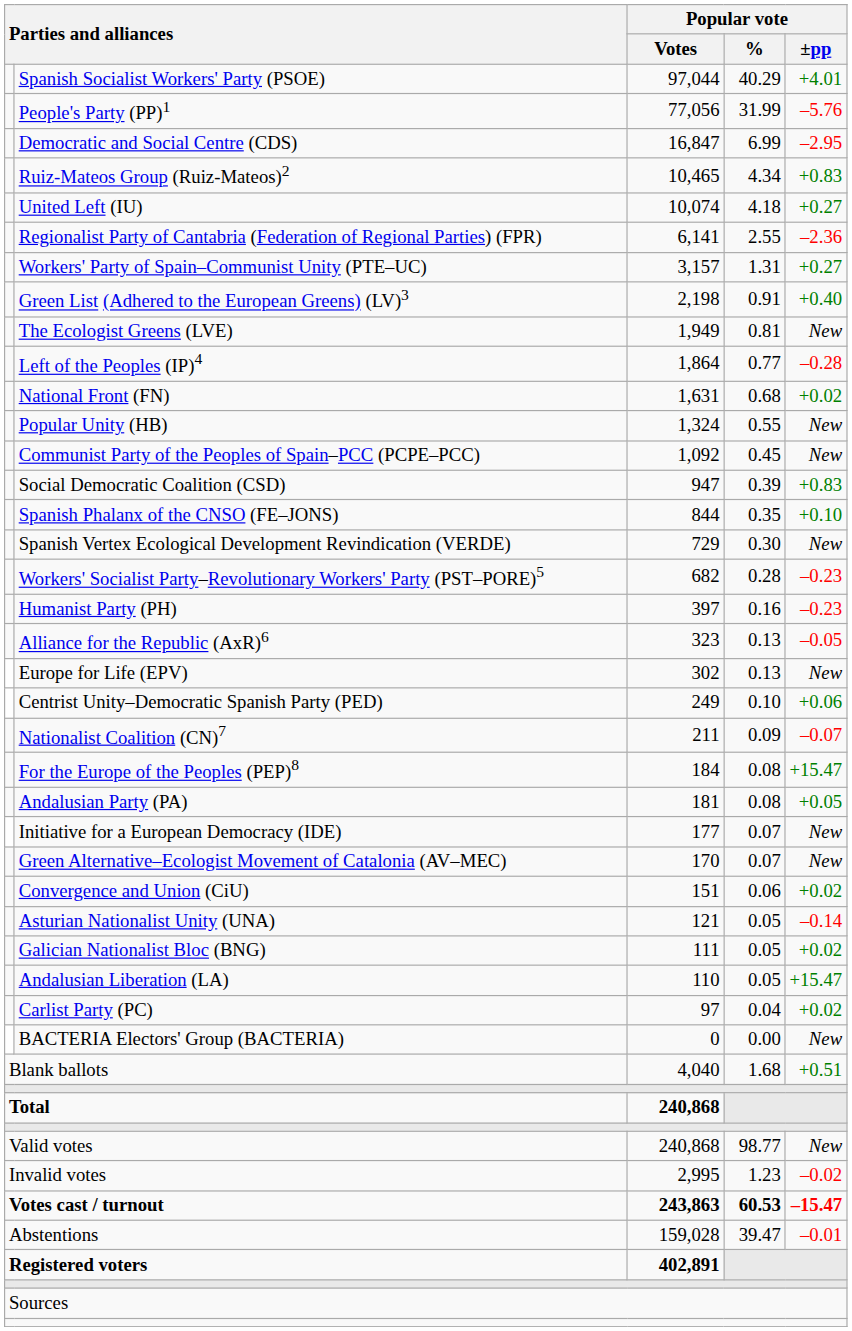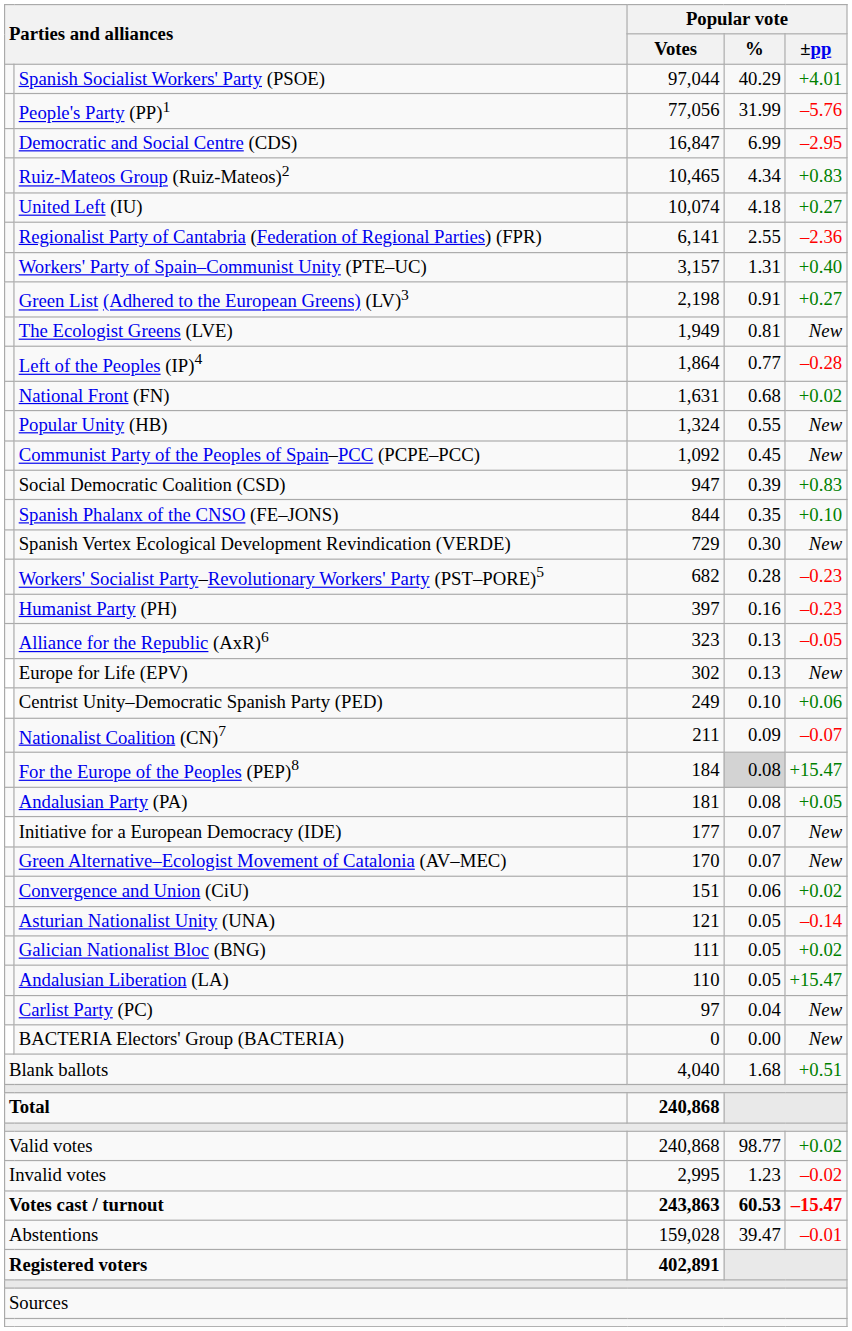 <table class="wikitable" style="text-align:right">
 <tr>
 <th style="text-align:left;" rowspan="2" colspan="2" width="525">Parties and alliances</th>
 <th colspan="3">Popular vote</th>
 </tr>
 <tr>
 <th width="75">Votes</th>
 <th width="45">%</th>
 <th width="45">±<a href='#'>pp</a></th>
 </tr>
 <tr>
 <td width="1" style="color:inherit;background:"></td>
 <td align="left"><a href='#'>Spanish Socialist Workers' Party</a> (PSOE)</td>
 <td>97,044</td>
 <td>40.29</td>
 <td style="color:green;">+4.01</td>
 </tr>
 <tr>
 <td style="color:inherit;background:"></td>
 <td align="left"><a href='#'>People's Party</a> (PP)<sup>1</sup></td>
 <td>77,056</td>
 <td>31.99</td>
 <td style="color:red;">–5.76</td>
 </tr>
 <tr>
 <td style="color:inherit;background:"></td>
 <td align="left"><a href='#'>Democratic and Social Centre</a> (CDS)</td>
 <td>16,847</td>
 <td>6.99</td>
 <td style="color:red;">–2.95</td>
 </tr>
 <tr>
 <td style="color:inherit;background:"></td>
 <td align="left"><a href='#'>Ruiz-Mateos Group</a> (Ruiz-Mateos)<sup>2</sup></td>
 <td>10,465</td>
 <td>4.34</td>
 <td style="color:green;">+0.83</td>
 </tr>
 <tr>
 <td style="color:inherit;background:"></td>
 <td align="left"><a href='#'>United Left</a> (IU)</td>
 <td>10,074</td>
 <td>4.18</td>
 <td style="color:green;">+0.27</td>
 </tr>
 <tr>
 <td style="color:inherit;background:"></td>
 <td align="left"><a href='#'>Regionalist Party of Cantabria</a> (<a href='#'>Federation of Regional Parties</a>) (FPR)</td>
 <td>6,141</td>
 <td>2.55</td>
 <td style="color:red;">–2.36</td>
 </tr>
 <tr>
 <td style="color:inherit;background:"></td>
 <td align="left"><a href='#'>Workers' Party of Spain–Communist Unity</a> (PTE–UC)</td>
 <td>3,157</td>
 <td>1.31</td>
-<td style="color:green;">+0.27</td>
+<td style="color:green;">+0.40</td>
 </tr>
 <tr>
 <td style="color:inherit;background:"></td>
 <td align="left"><a href='#'>Green List</a> <a href='#'>(Adhered to the European Greens)</a> (LV)<sup>3</sup></td>
 <td>2,198</td>
 <td>0.91</td>
-<td style="color:green;">+0.40</td>
+<td style="color:green;">+0.27</td>
 </tr>
 <tr>
 <td style="color:inherit;background:"></td>
 <td align="left"><a href='#'>The Ecologist Greens</a> (LVE)</td>
 <td>1,949</td>
 <td>0.81</td>
 <td><em>New</em></td>
 </tr>
 <tr>
 <td style="color:inherit;background:"></td>
 <td align="left"><a href='#'>Left of the Peoples</a> (IP)<sup>4</sup></td>
 <td>1,864</td>
 <td>0.77</td>
 <td style="color:red;">–0.28</td>
 </tr>
 <tr>
 <td style="color:inherit;background:"></td>
 <td align="left"><a href='#'>National Front</a> (FN)</td>
 <td>1,631</td>
 <td>0.68</td>
 <td style="color:green;">+0.02</td>
 </tr>
 <tr>
 <td style="color:inherit;background:"></td>
 <td align="left"><a href='#'>Popular Unity</a> (HB)</td>
 <td>1,324</td>
 <td>0.55</td>
 <td><em>New</em></td>
 </tr>
 <tr>
 <td style="color:inherit;background:"></td>
 <td align="left"><a href='#'>Communist Party of the Peoples of Spain</a>–<a href='#'>PCC</a> (PCPE–PCC)</td>
 <td>1,092</td>
 <td>0.45</td>
 <td><em>New</em></td>
 </tr>
 <tr>
 <td style="color:inherit;background:"></td>
 <td align="left">Social Democratic Coalition (CSD)</td>
 <td>947</td>
 <td>0.39</td>
 <td style="color:green;">+0.83</td>
 </tr>
 <tr>
 <td style="color:inherit;background:"></td>
 <td align="left"><a href='#'>Spanish Phalanx of the CNSO</a> (FE–JONS)</td>
 <td>844</td>
 <td>0.35</td>
 <td style="color:green;">+0.10</td>
 </tr>
 <tr>
 <td style="color:inherit;background:"></td>
 <td align="left">Spanish Vertex Ecological Development Revindication (VERDE)</td>
 <td>729</td>
 <td>0.30</td>
 <td><em>New</em></td>
 </tr>
 <tr>
 <td style="color:inherit;background:"></td>
 <td align="left"><a href='#'>Workers' Socialist Party</a>–<a href='#'>Revolutionary Workers' Party</a> (PST–PORE)<sup>5</sup></td>
 <td>682</td>
 <td>0.28</td>
 <td style="color:red;">–0.23</td>
 </tr>
 <tr>
 <td style="color:inherit;background:"></td>
 <td align="left"><a href='#'>Humanist Party</a> (PH)</td>
 <td>397</td>
 <td>0.16</td>
 <td style="color:red;">–0.23</td>
 </tr>
 <tr>
 <td style="color:inherit;background:"></td>
 <td align="left"><a href='#'>Alliance for the Republic</a> (AxR)<sup>6</sup></td>
 <td>323</td>
 <td>0.13</td>
 <td style="color:red;">–0.05</td>
 </tr>
 <tr>
 <td bgcolor="white"></td>
 <td align="left">Europe for Life (EPV)</td>
 <td>302</td>
 <td>0.13</td>
 <td><em>New</em></td>
 </tr>
 <tr>
 <td bgcolor="white"></td>
 <td align="left">Centrist Unity–Democratic Spanish Party (PED)</td>
 <td>249</td>
 <td>0.10</td>
 <td style="color:green;">+0.06</td>
 </tr>
 <tr>
 <td style="color:inherit;background:"></td>
 <td align="left"><a href='#'>Nationalist Coalition</a> (CN)<sup>7</sup></td>
 <td>211</td>
 <td>0.09</td>
 <td style="color:red;">–0.07</td>
 </tr>
 <tr>
 <td style="color:inherit;background:"></td>
 <td align="left"><a href='#'>For the Europe of the Peoples</a> (PEP)<sup>8</sup></td>
 <td>184</td>
-<td>0.08</td>
+<td style="background: lightgrey;">0.08</td>
 <td style="color:green;">+15.47</td>
 </tr>
 <tr>
 <td style="color:inherit;background:"></td>
 <td align="left"><a href='#'>Andalusian Party</a> (PA)</td>
 <td>181</td>
 <td>0.08</td>
 <td style="color:green;">+0.05</td>
 </tr>
 <tr>
 <td bgcolor="white"></td>
 <td align="left">Initiative for a European Democracy (IDE)</td>
 <td>177</td>
 <td>0.07</td>
 <td><em>New</em></td>
 </tr>
 <tr>
 <td style="color:inherit;background:"></td>
 <td align="left"><a href='#'>Green Alternative–Ecologist Movement of Catalonia</a> (AV–MEC)</td>
 <td>170</td>
 <td>0.07</td>
 <td><em>New</em></td>
 </tr>
 <tr>
 <td style="color:inherit;background:"></td>
 <td align="left"><a href='#'>Convergence and Union</a> (CiU)</td>
 <td>151</td>
 <td>0.06</td>
 <td style="color:green;">+0.02</td>
 </tr>
 <tr>
 <td style="color:inherit;background:"></td>
 <td align="left"><a href='#'>Asturian Nationalist Unity</a> (UNA)</td>
 <td>121</td>
 <td>0.05</td>
 <td style="color:red;">–0.14</td>
 </tr>
 <tr>
 <td style="color:inherit;background:"></td>
 <td align="left"><a href='#'>Galician Nationalist Bloc</a> (BNG)</td>
 <td>111</td>
 <td>0.05</td>
 <td style="color:green;">+0.02</td>
 </tr>
 <tr>
 <td style="color:inherit;background:"></td>
 <td align="left"><a href='#'>Andalusian Liberation</a> (LA)</td>
 <td>110</td>
 <td>0.05</td>
 <td style="color:green;">+15.47</td>
 </tr>
 <tr>
 <td style="color:inherit;background:"></td>
 <td align="left"><a href='#'>Carlist Party</a> (PC)</td>
 <td>97</td>
 <td>0.04</td>
-<td style="color:green;">+0.02</td>
+<td><em>New</em></td>
 </tr>
 <tr>
 <td bgcolor="white"></td>
 <td align="left">BACTERIA Electors' Group (BACTERIA)</td>
 <td>0</td>
 <td>0.00</td>
 <td><em>New</em></td>
 </tr>
 <tr>
 <td align="left" colspan="2">Blank ballots</td>
 <td>4,040</td>
 <td>1.68</td>
 <td style="color:green;">+0.51</td>
 </tr>
 <tr>
 <td colspan="5" bgcolor="#E9E9E9"></td>
 </tr>
 <tr style="font-weight:bold;">
 <td align="left" colspan="2">Total</td>
 <td>240,868</td>
 <td bgcolor="#E9E9E9" colspan="2"></td>
 </tr>
 <tr>
 <td colspan="5" bgcolor="#E9E9E9"></td>
 </tr>
 <tr>
 <td align="left" colspan="2">Valid votes</td>
 <td>240,868</td>
 <td>98.77</td>
-<td><em>New</em></td>
+<td style="color:green;">+0.02</td>
 </tr>
 <tr>
 <td align="left" colspan="2">Invalid votes</td>
 <td>2,995</td>
 <td>1.23</td>
 <td style="color:red;">–0.02</td>
 </tr>
 <tr style="font-weight:bold;">
 <td align="left" colspan="2">Votes cast / turnout</td>
 <td>243,863</td>
 <td>60.53</td>
 <td style="color:red;">–15.47</td>
 </tr>
 <tr>
 <td align="left" colspan="2">Abstentions</td>
 <td>159,028</td>
 <td>39.47</td>
 <td style="color:red;">–0.01</td>
 </tr>
 <tr style="font-weight:bold;">
 <td align="left" colspan="2">Registered voters</td>
 <td>402,891</td>
 <td bgcolor="#E9E9E9" colspan="2"></td>
 </tr>
 <tr>
 <td colspan="5" bgcolor="#E9E9E9"></td>
 </tr>
 <tr>
 <td align="left" colspan="5">Sources</td>
 </tr>
 <tr>
 <td colspan="5" style="text-align:left; max-width:680px;"></td>
 </tr>
 </table>
